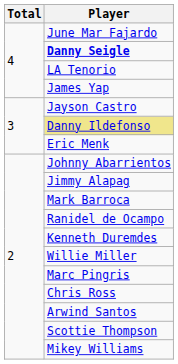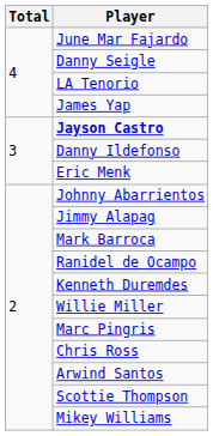 <table class=wikitable>
 <tr>
 <th>Total</th>
 <th>Player</th>
 </tr>
 <tr>
 <td rowspan=4>4</td>
 <td><a href='#'>June Mar Fajardo</a></td>
 </tr>
 <tr>
-<td><strong><a href='#'>Danny Seigle</a></strong></td>
+<td><a href='#'>Danny Seigle</a></td>
 </tr>
 <tr>
 <td><a href='#'>LA Tenorio</a></td>
 </tr>
 <tr>
 <td><a href='#'>James Yap</a></td>
 </tr>
 <tr>
 <td rowspan=3>3</td>
-<td><a href='#'>Jayson Castro</a></td>
+<td><strong><a href='#'>Jayson Castro</a></strong></td>
 </tr>
 <tr>
-<td style="background: khaki;"><a href='#'>Danny Ildefonso</a></td>
+<td><a href='#'>Danny Ildefonso</a></td>
 </tr>
 <tr>
 <td><a href='#'>Eric Menk</a></td>
 </tr>
 <tr>
 <td rowspan=11>2</td>
 <td><a href='#'>Johnny Abarrientos</a></td>
 </tr>
 <tr>
 <td><a href='#'>Jimmy Alapag</a></td>
 </tr>
 <tr>
 <td><a href='#'>Mark Barroca</a></td>
 </tr>
 <tr>
 <td><a href='#'>Ranidel de Ocampo</a></td>
 </tr>
 <tr>
 <td><a href='#'>Kenneth Duremdes</a></td>
 </tr>
 <tr>
 <td><a href='#'>Willie Miller</a></td>
 </tr>
 <tr>
 <td><a href='#'>Marc Pingris</a></td>
 </tr>
 <tr>
 <td><a href='#'>Chris Ross</a></td>
 </tr>
 <tr>
 <td><a href='#'>Arwind Santos</a></td>
 </tr>
 <tr>
 <td><a href='#'>Scottie Thompson</a></td>
 </tr>
 <tr>
 <td><a href='#'>Mikey Williams</a></td>
 </tr>
 </table>
